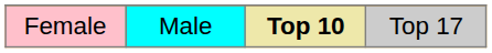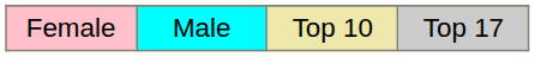 <table border="2" cellpadding="4" style="background:orange; border:1px solid gray; border-collapse:collapse; margin:1em auto; text-align:center;">
 <tr>
 </tr>
 <tr>
 <td style="background:pink;" width="20%">Female</td>
 <td style="background:cyan;" width="20%">Male</td>
-<td style="background:palegoldenrod;" width="20%"><strong>Top 10</strong></td>
+<td style="background:palegoldenrod;" width="20%">Top 10</td>
 <td style="background:#CCCCCC;" width="20%">Top 17</td>
 </tr>
 </table>
